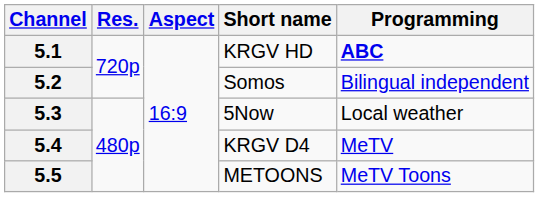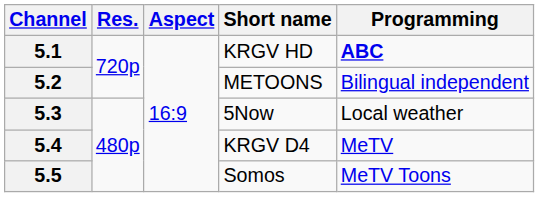 <table class="wikitable">
 <tr>
 <th scope = "col"><a href='#'>Channel</a></th>
 <th scope = "col"><a href='#'>Res.</a></th>
 <th scope = "col"><a href='#'>Aspect</a></th>
 <th scope = "col">Short name</th>
 <th scope = "col">Programming</th>
 </tr>
 <tr>
 <th scope = "row">5.1</th>
 <td rowspan=2><a href='#'>720p</a></td>
 <td rowspan=5><a href='#'>16:9</a></td>
 <td>KRGV HD</td>
 <td><strong><a href='#'>ABC</a></strong></td>
 </tr>
 <tr>
 <th scope = "row">5.2</th>
-<td>Somos</td>
+<td>METOONS</td>
 <td><a href='#'>Bilingual independent</a></td>
 </tr>
 <tr>
 <th scope = "row">5.3</th>
 <td rowspan=3><a href='#'>480p</a></td>
 <td>5Now</td>
 <td>Local weather</td>
 </tr>
 <tr>
 <th scope = "row">5.4</th>
 <td>KRGV D4</td>
 <td><a href='#'>MeTV</a></td>
 </tr>
 <tr>
 <th scope = "row">5.5</th>
-<td>METOONS</td>
+<td>Somos</td>
 <td><a href='#'>MeTV Toons</a></td>
 </tr>
 </table>
